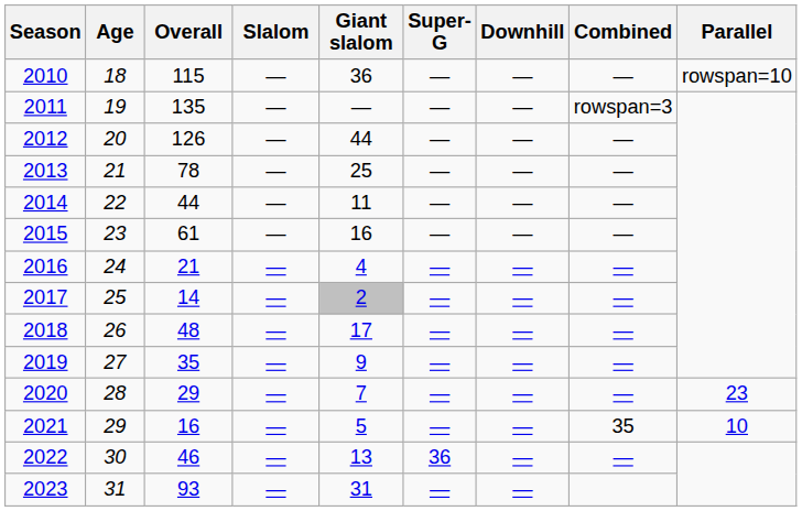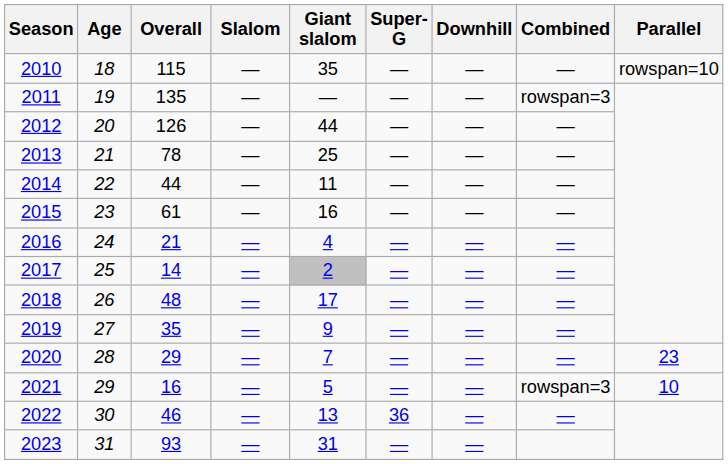 <table class="wikitable" style="text-align:center; font-size:100%;">
 <tr>
 <th>Season</th>
 <th> Age </th>
 <th> Overall </th>
 <th> Slalom </th>
 <th>Giant<br> slalom </th>
 <th>Super-G</th>
 <th>Downhill</th>
 <th>Combined</th>
 <th>Parallel</th>
 </tr>
 <tr>
 <td><a href='#'>2010</a></td>
 <td><em>18</em></td>
 <td>115</td>
 <td>—</td>
-<td>36</td>
+<td>35</td>
 <td>—</td>
 <td>—</td>
 <td>—</td>
 <td>rowspan=10 </td>
 </tr>
 <tr>
 <td><a href='#'>2011</a></td>
 <td><em>19</em></td>
 <td>135</td>
 <td>—</td>
 <td>—</td>
 <td>—</td>
 <td>—</td>
 <td>rowspan=3 </td>
 </tr>
 <tr>
 <td><a href='#'>2012</a></td>
 <td><em>20</em></td>
 <td>126</td>
 <td>—</td>
 <td>44</td>
 <td>—</td>
 <td>—</td>
 <td>—</td>
 </tr>
 <tr>
 <td><a href='#'>2013</a></td>
 <td><em>21</em></td>
 <td>78</td>
 <td>—</td>
 <td>25</td>
 <td>—</td>
 <td>—</td>
 <td>—</td>
 </tr>
 <tr>
 <td><a href='#'>2014</a></td>
 <td><em>22</em></td>
 <td>44</td>
 <td>—</td>
 <td>11</td>
 <td>—</td>
 <td>—</td>
 <td>—</td>
 </tr>
 <tr>
 <td><a href='#'>2015</a></td>
 <td><em>23</em></td>
 <td>61</td>
 <td>—</td>
 <td>16</td>
 <td>—</td>
 <td>—</td>
 <td>—</td>
 </tr>
 <tr>
 <td><a href='#'>2016</a></td>
 <td><em>24</em></td>
 <td><a href='#'>21</a></td>
 <td><a href='#'>—</a></td>
 <td><a href='#'>4</a></td>
 <td><a href='#'>—</a></td>
 <td><a href='#'>—</a></td>
 <td><a href='#'>—</a></td>
 </tr>
 <tr>
 <td><a href='#'>2017</a></td>
 <td><em>25</em></td>
 <td><a href='#'>14</a></td>
 <td><a href='#'>—</a></td>
 <td style="background:silver;"><a href='#'>2</a></td>
 <td><a href='#'>—</a></td>
 <td><a href='#'>—</a></td>
 <td><a href='#'>—</a></td>
 </tr>
 <tr>
 <td><a href='#'>2018</a></td>
 <td><em>26</em></td>
 <td><a href='#'>48</a></td>
 <td><a href='#'>—</a></td>
 <td><a href='#'>17</a></td>
 <td><a href='#'>—</a></td>
 <td><a href='#'>—</a></td>
 <td><a href='#'>—</a></td>
 </tr>
 <tr>
 <td><a href='#'>2019</a></td>
 <td><em>27</em></td>
 <td><a href='#'>35</a></td>
 <td><a href='#'>—</a></td>
 <td><a href='#'>9</a></td>
 <td><a href='#'>—</a></td>
 <td><a href='#'>—</a></td>
 <td><a href='#'>—</a></td>
 </tr>
 <tr>
 <td><a href='#'>2020</a></td>
 <td><em>28</em></td>
 <td><a href='#'>29</a></td>
 <td><a href='#'>—</a></td>
 <td><a href='#'>7</a></td>
 <td><a href='#'>—</a></td>
 <td><a href='#'>—</a></td>
 <td><a href='#'>—</a></td>
 <td><a href='#'>23</a></td>
 </tr>
 <tr>
 <td><a href='#'>2021</a></td>
 <td><em>29</em></td>
 <td><a href='#'>16</a></td>
 <td><a href='#'>—</a></td>
 <td><a href='#'>5</a></td>
 <td><a href='#'>—</a></td>
 <td><a href='#'>—</a></td>
-<td>35</td>
+<td>rowspan=3 </td>
 <td><a href='#'>10</a></td>
 </tr>
 <tr>
 <td><a href='#'>2022</a></td>
 <td><em>30</em></td>
 <td><a href='#'>46</a></td>
 <td><a href='#'>—</a></td>
 <td><a href='#'>13</a></td>
 <td><a href='#'>36</a></td>
 <td><a href='#'>—</a></td>
 <td><a href='#'>—</a></td>
 </tr>
 <tr>
 <td><a href='#'>2023</a></td>
 <td><em>31</em></td>
 <td><a href='#'>93</a></td>
 <td><a href='#'>—</a></td>
 <td><a href='#'>31</a></td>
 <td><a href='#'>—</a></td>
 <td><a href='#'>—</a></td>
 <td></td>
 </tr>
 </table>
